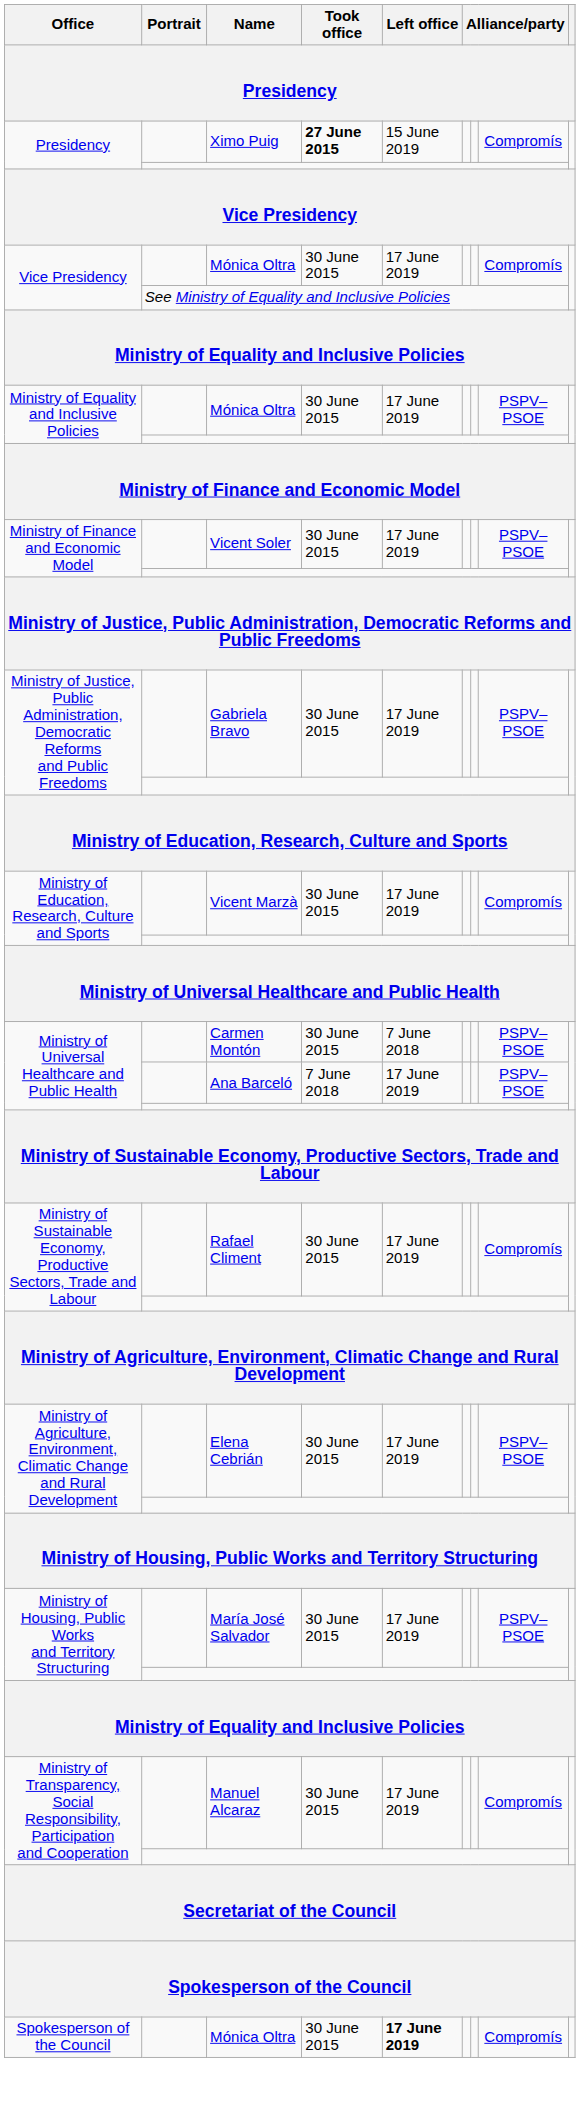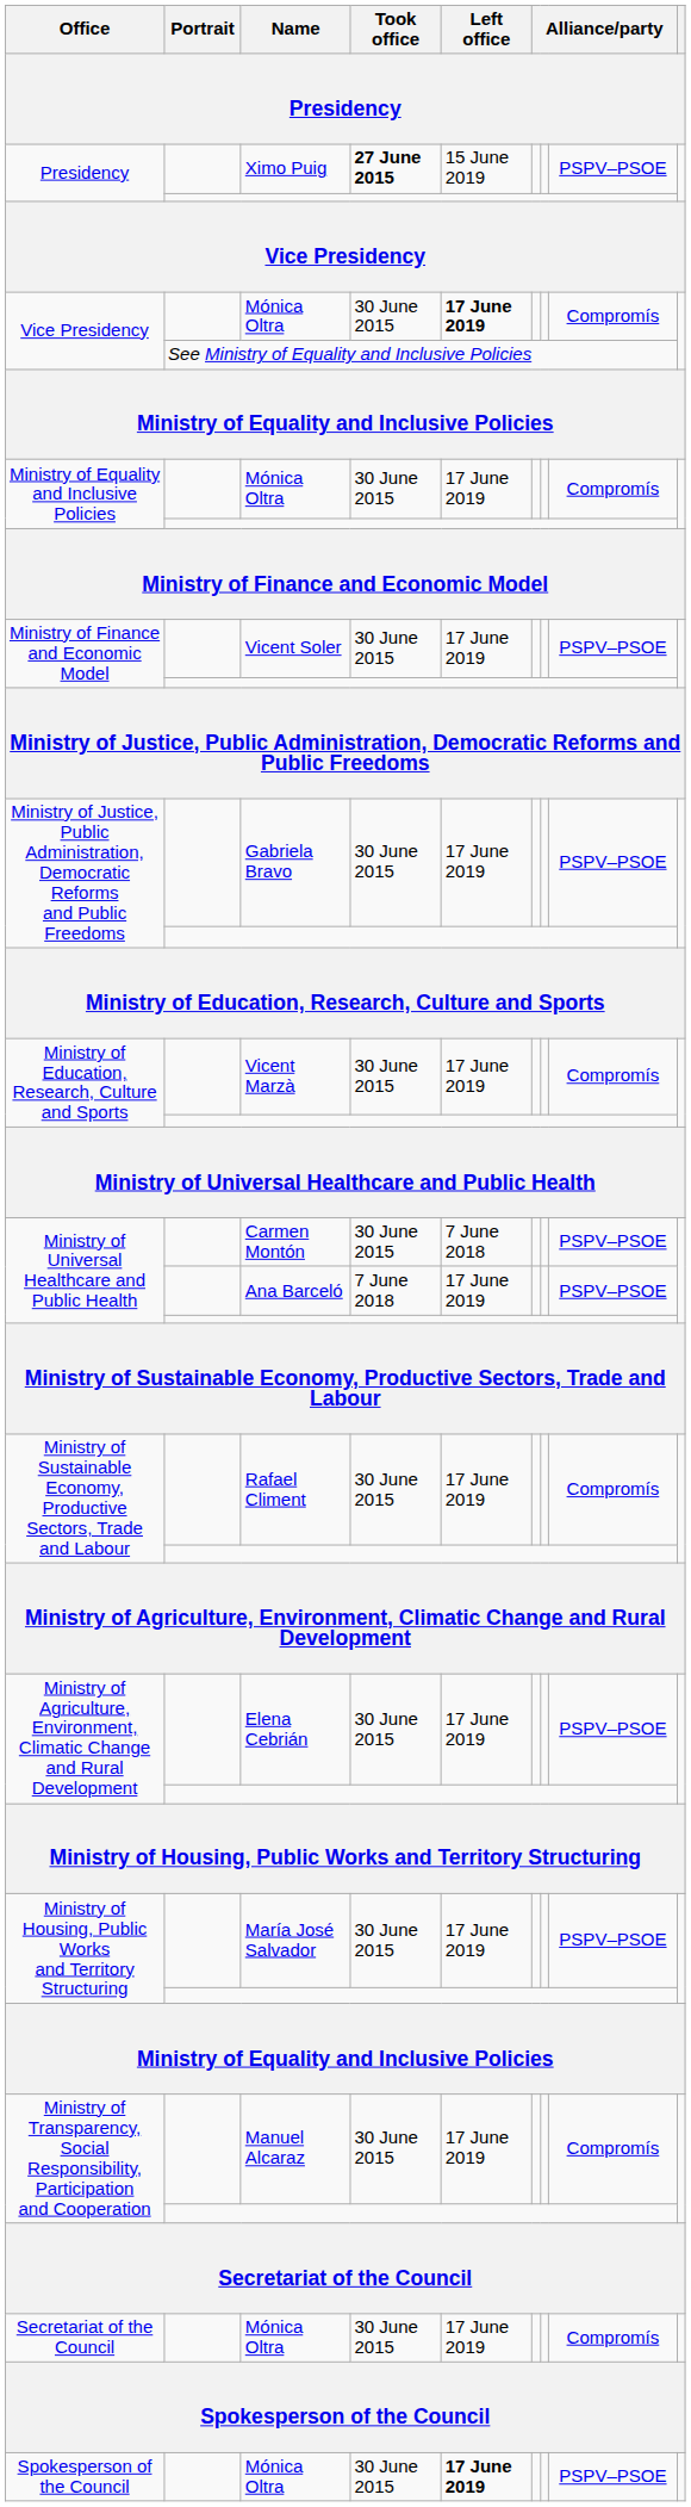 <table class="wikitable" style="line-height:18px;">
 <tr>
 <th scope="col">Office<br></th>
 <th scope="col">Portrait</th>
 <th scope="col">Name</th>
 <th scope="col">Took office</th>
 <th scope="col">Left office</th>
 <th colspan="3" scope="col">Alliance/party</th>
 <th></th>
 </tr>
 <tr>
 <th colspan="9"><br><h3><a href='#'>Presidency</a></h3></th>
 </tr>
 <tr>
 <td align="center" rowspan="2" width="250"><a href='#'>Presidency</a><br></td>
 <td width="80"></td>
 <td width="200"><a href='#'>Ximo Puig</a></td>
 <td width="200"><strong>27 June 2015</strong></td>
 <td width="200">15 June 2019</td>
 <td width="1" style="background-color:"></td>
 <td width="1" style="background-color:"></td>
-<td align="center"><a href='#'>Compromís</a><br></td>
+<td width="175" align="center"><a href='#'>PSPV–PSOE</a></td>
 <td align="center" rowspan="2"></td>
 </tr>
 <tr>
 <td colspan="7"></td>
 </tr>
 <tr>
 <th colspan="9"><br><h3><a href='#'>Vice Presidency</a></h3></th>
 </tr>
 <tr>
 <td align="center" rowspan="2"><a href='#'>Vice Presidency</a><br></td>
 <td></td>
 <td><a href='#'>Mónica Oltra</a></td>
 <td>30 June 2015</td>
-<td>17 June 2019</td>
+<td><strong>17 June 2019</strong></td>
 <td style="background-color:"></td>
 <td style="background-color:"></td>
 <td align="center"><a href='#'>Compromís</a><br></td>
 <td align="center" rowspan="2"></td>
 </tr>
 <tr>
 <td colspan="7"><em>See <a href='#'>Ministry of Equality and Inclusive Policies</a></em></td>
 </tr>
 <tr>
 <th colspan="9"><br><h3><a href='#'>Ministry of Equality and Inclusive Policies</a></h3></th>
 </tr>
 <tr>
 <td align="center" rowspan="2"><a href='#'>Ministry of Equality<br>and Inclusive Policies</a><br></td>
 <td></td>
 <td><a href='#'>Mónica Oltra</a></td>
 <td>30 June 2015</td>
 <td>17 June 2019</td>
 <td style="background-color:"></td>
 <td style="background-color:"></td>
-<td align="center"><a href='#'>PSPV–PSOE</a><br></td>
+<td align="center"><a href='#'>Compromís</a><br></td>
 <td align="center" rowspan="2"></td>
 </tr>
 <tr>
 <td colspan="7"></td>
 </tr>
 <tr>
 <th colspan="9"><br><h3><a href='#'>Ministry of Finance and Economic Model</a></h3></th>
 </tr>
 <tr>
 <td align="center" rowspan="2"><a href='#'>Ministry of Finance<br>and Economic Model</a><br></td>
 <td></td>
 <td><a href='#'>Vicent Soler</a></td>
 <td>30 June 2015</td>
 <td>17 June 2019</td>
 <td style="background-color:"></td>
 <td style="background-color:"></td>
 <td align="center"><a href='#'>PSPV–PSOE</a></td>
 <td align="center" rowspan="2"></td>
 </tr>
 <tr>
 <td colspan="7"></td>
 </tr>
 <tr>
 <th colspan="9"><br><h3><a href='#'>Ministry of Justice, Public Administration, Democratic Reforms and Public Freedoms</a></h3></th>
 </tr>
 <tr>
 <td align="center" rowspan="2"><a href='#'>Ministry of Justice, Public<br>Administration, Democratic Reforms<br>and Public Freedoms</a><br></td>
 <td></td>
 <td><a href='#'>Gabriela Bravo</a></td>
 <td>30 June 2015</td>
 <td>17 June 2019</td>
 <td style="background-color:"></td>
 <td style="background-color:"></td>
 <td align="center"><a href='#'>PSPV–PSOE</a><br></td>
 <td align="center" rowspan="2"></td>
 </tr>
 <tr>
 <td colspan="7"></td>
 </tr>
 <tr>
 <th colspan="9"><br><h3><a href='#'>Ministry of Education, Research, Culture and Sports</a></h3></th>
 </tr>
 <tr>
 <td align="center" rowspan="2"><a href='#'>Ministry of Education,<br>Research, Culture and Sports</a><br></td>
 <td></td>
 <td><a href='#'>Vicent Marzà</a></td>
 <td>30 June 2015</td>
 <td>17 June 2019</td>
 <td style="background-color:"></td>
 <td style="background-color:"></td>
 <td align="center"><a href='#'>Compromís</a><br></td>
 <td align="center" rowspan="2"></td>
 </tr>
 <tr>
 <td colspan="7"></td>
 </tr>
 <tr>
 <th colspan="9"><br><h3><a href='#'>Ministry of Universal Healthcare and Public Health</a></h3></th>
 </tr>
 <tr>
 <td align="center" rowspan="3"><a href='#'>Ministry of Universal<br>Healthcare and Public Health</a><br></td>
 <td></td>
 <td><a href='#'>Carmen Montón</a></td>
 <td>30 June 2015</td>
 <td>7 June 2018</td>
 <td style="background-color:"></td>
 <td style="background-color:"></td>
 <td align="center"><a href='#'>PSPV–PSOE</a></td>
 <td align="center" rowspan="3"></td>
 </tr>
 <tr>
 <td></td>
 <td><a href='#'>Ana Barceló</a></td>
 <td>7 June 2018</td>
 <td>17 June 2019</td>
 <td style="background-color:"></td>
 <td style="background-color:"></td>
 <td align="center"><a href='#'>PSPV–PSOE</a><br></td>
 </tr>
 <tr>
 <td colspan="7"></td>
 </tr>
 <tr>
 <th colspan="9"><br><h3><a href='#'>Ministry of Sustainable Economy, Productive Sectors, Trade and Labour</a></h3></th>
 </tr>
 <tr>
 <td align="center" rowspan="2"><a href='#'>Ministry of Sustainable Economy,<br>Productive Sectors, Trade and Labour</a><br></td>
 <td></td>
 <td><a href='#'>Rafael Climent</a></td>
 <td>30 June 2015</td>
 <td>17 June 2019</td>
 <td style="background-color:"></td>
 <td style="background-color:"></td>
 <td align="center"><a href='#'>Compromís</a><br></td>
 <td align="center" rowspan="2"></td>
 </tr>
 <tr>
 <td colspan="7"></td>
 </tr>
 <tr>
 <th colspan="9"><br><h3><a href='#'>Ministry of Agriculture, Environment, Climatic Change and Rural Development</a></h3></th>
 </tr>
 <tr>
 <td align="center" rowspan="2"><a href='#'>Ministry of Agriculture,<br>Environment, Climatic Change<br>and Rural Development</a><br></td>
 <td></td>
 <td><a href='#'>Elena Cebrián</a></td>
 <td>30 June 2015</td>
 <td>17 June 2019</td>
 <td style="background-color:"></td>
 <td style="background-color:"></td>
 <td align="center"><a href='#'>PSPV–PSOE</a><br></td>
 <td align="center" rowspan="2"></td>
 </tr>
 <tr>
 <td colspan="7"></td>
 </tr>
 <tr>
 <th colspan="9"><br><h3><a href='#'>Ministry of Housing, Public Works and Territory Structuring</a></h3></th>
 </tr>
 <tr>
 <td align="center" rowspan="2"><a href='#'>Ministry of Housing, Public Works<br>and Territory Structuring</a><br></td>
 <td></td>
 <td><a href='#'>María José Salvador</a></td>
 <td>30 June 2015</td>
 <td>17 June 2019</td>
 <td style="background-color:"></td>
 <td style="background-color:"></td>
 <td align="center"><a href='#'>PSPV–PSOE</a></td>
 <td align="center" rowspan="2"></td>
 </tr>
 <tr>
 <td colspan="7"></td>
 </tr>
 <tr>
 <th colspan="9"><br><h3><a href='#'>Ministry of Equality and Inclusive Policies</a></h3></th>
 </tr>
 <tr>
 <td align="center" rowspan="2"><a href='#'>Ministry of Transparency, Social<br>Responsibility, Participation<br>and Cooperation</a><br></td>
 <td></td>
 <td><a href='#'>Manuel Alcaraz</a></td>
 <td>30 June 2015</td>
 <td>17 June 2019</td>
 <td style="background-color:"></td>
 <td style="background-color:"></td>
 <td align="center"><a href='#'>Compromís</a><br></td>
 <td align="center" rowspan="2"></td>
 </tr>
 <tr>
 <td colspan="7"></td>
 </tr>
 <tr>
 <th colspan="9"><br><h3><a href='#'>Secretariat of the Council</a></h3></th>
 </tr>
 <tr>
+<td align="center"><a href='#'>Secretariat of the Council</a><br></td>
+<td></td>
+<td><a href='#'>Mónica Oltra</a></td>
+<td>30 June 2015</td>
+<td>17 June 2019</td>
+<td style="background-color:"></td>
+<td style="background-color:"></td>
+<td align="center"><a href='#'>Compromís</a><br></td>
+<td align="center"></td>
+</tr>
+<tr>
 <th colspan="9"><br><h3><a href='#'>Spokesperson of the Council</a></h3></th>
 </tr>
 <tr>
 <td align="center"><a href='#'>Spokesperson of the Council</a><br></td>
 <td></td>
 <td><a href='#'>Mónica Oltra</a></td>
 <td>30 June 2015</td>
 <td><strong>17 June 2019</strong></td>
 <td style="background-color:"></td>
 <td style="background-color:"></td>
-<td align="center"><a href='#'>Compromís</a><br></td>
+<td align="center"><a href='#'>PSPV–PSOE</a></td>
 <td align="center"></td>
 </tr>
 </table>
